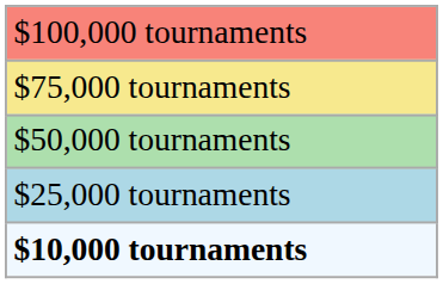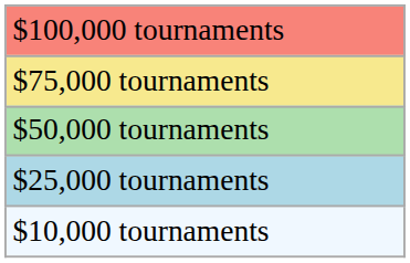 <table class="wikitable"  style="font-size:90%; width:12%;">
 <tr style="background:#f88379;">
 <td>$100,000 tournaments</td>
 </tr>
 <tr style="background:#f7e98e;">
 <td>$75,000 tournaments</td>
 </tr>
 <tr style="background:#addfad;">
 <td>$50,000 tournaments</td>
 </tr>
 <tr style="background:lightblue;">
 <td>$25,000 tournaments</td>
 </tr>
 <tr style="background:#f0f8ff;">
-<td><strong>$10,000 tournaments</strong></td>
+<td>$10,000 tournaments</td>
 </tr>
 </table>
